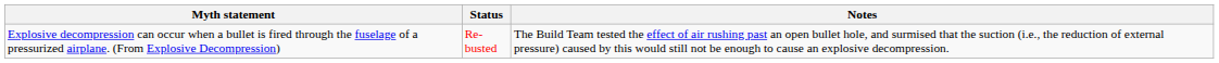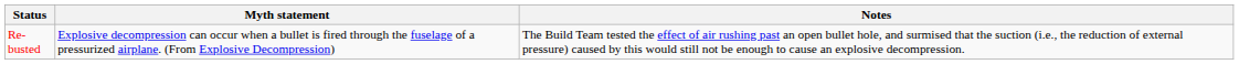 <table class="wikitable plainrowheaders">
 <tr>
+<th>Status</th>
 <th>Myth statement</th>
-<th>Status</th>
 <th>Notes</th>
 </tr>
 <tr>
+<td style="color:red">Re-busted</td>
 <td><a href='#'>Explosive decompression</a> can occur when a bullet is fired through the <a href='#'>fuselage</a> of a pressurized <a href='#'>airplane</a>. (From <a href='#'>Explosive Decompression</a>)</td>
-<td style="color:red">Re-busted</td>
 <td>The Build Team tested the <a href='#'>effect of air rushing past</a> an open bullet hole, and surmised that the suction (i.e., the reduction of external pressure) caused by this would still not be enough to cause an explosive decompression.</td>
 </tr>
 </table>
